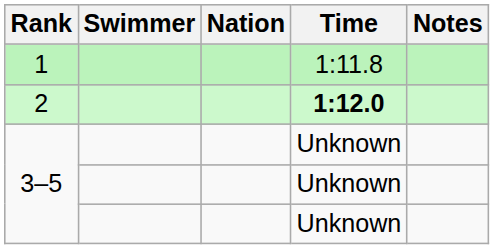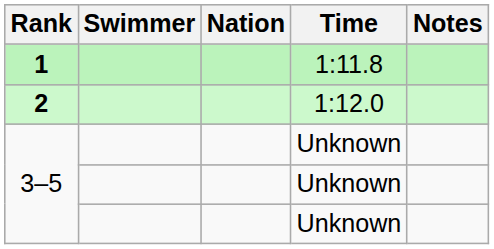 <table class="wikitable sortable" style="text-align:center">
 <tr>
 <th>Rank</th>
 <th>Swimmer</th>
 <th>Nation</th>
 <th>Time</th>
 <th>Notes</th>
 </tr>
 <tr bgcolor=BBF3BB>
-<td>1</td>
+<td><strong>1</strong></td>
 <td align=left></td>
 <td align=left></td>
 <td>1:11.8</td>
 <td></td>
 </tr>
 <tr bgcolor=CCF9CC>
-<td>2</td>
+<td><strong>2</strong></td>
 <td align=left></td>
 <td align=left></td>
-<td><strong>1:12.0</strong></td>
+<td>1:12.0</td>
 <td></td>
 </tr>
 <tr>
 <td rowspan=3>3–5</td>
 <td align=left></td>
 <td align=left></td>
 <td>Unknown</td>
 <td></td>
 </tr>
 <tr>
 <td align=left></td>
 <td align=left></td>
 <td>Unknown</td>
 <td></td>
 </tr>
 <tr>
 <td align=left></td>
 <td align=left></td>
 <td>Unknown</td>
 <td></td>
 </tr>
 </table>
